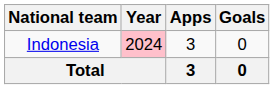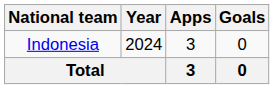 <table class="wikitable" style="text-align:center">
 <tr>
 <th>National team</th>
 <th>Year</th>
 <th>Apps</th>
 <th>Goals</th>
 </tr>
 <tr>
 <td rowspan="1"><a href='#'>Indonesia</a></td>
-<td style="background: pink;">2024</td>
+<td>2024</td>
 <td>3</td>
 <td>0</td>
 </tr>
 <tr>
 <th colspan="2">Total</th>
 <th>3</th>
 <th>0</th>
 </tr>
 </table>
